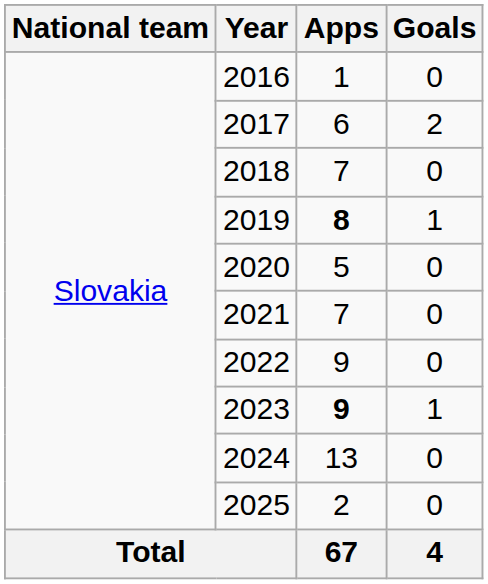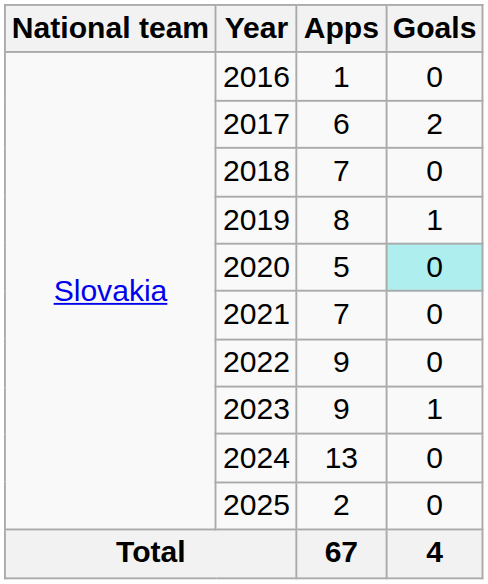 <table class="wikitable" style="text-align:center">
 <tr>
 <th>National team</th>
 <th>Year</th>
 <th>Apps</th>
 <th>Goals</th>
 </tr>
 <tr>
 <td rowspan=10><a href='#'>Slovakia</a></td>
 <td>2016</td>
 <td>1</td>
 <td>0</td>
 </tr>
 <tr>
 <td>2017</td>
 <td>6</td>
 <td>2</td>
 </tr>
 <tr>
 <td>2018</td>
 <td>7</td>
 <td>0</td>
 </tr>
 <tr>
 <td>2019</td>
-<td><strong>8</strong></td>
+<td>8</td>
 <td>1</td>
 </tr>
 <tr>
 <td>2020</td>
 <td>5</td>
-<td>0</td>
+<td style="background: paleturquoise;">0</td>
 </tr>
 <tr>
 <td>2021</td>
 <td>7</td>
 <td>0</td>
 </tr>
 <tr>
 <td>2022</td>
 <td>9</td>
 <td>0</td>
 </tr>
 <tr>
 <td>2023</td>
-<td><strong>9</strong></td>
+<td>9</td>
 <td>1</td>
 </tr>
 <tr>
 <td>2024</td>
 <td>13</td>
 <td>0</td>
 </tr>
 <tr>
 <td>2025</td>
 <td>2</td>
 <td>0</td>
 </tr>
 <tr>
 <th colspan=2>Total</th>
 <th>67</th>
 <th>4</th>
 </tr>
 </table>
